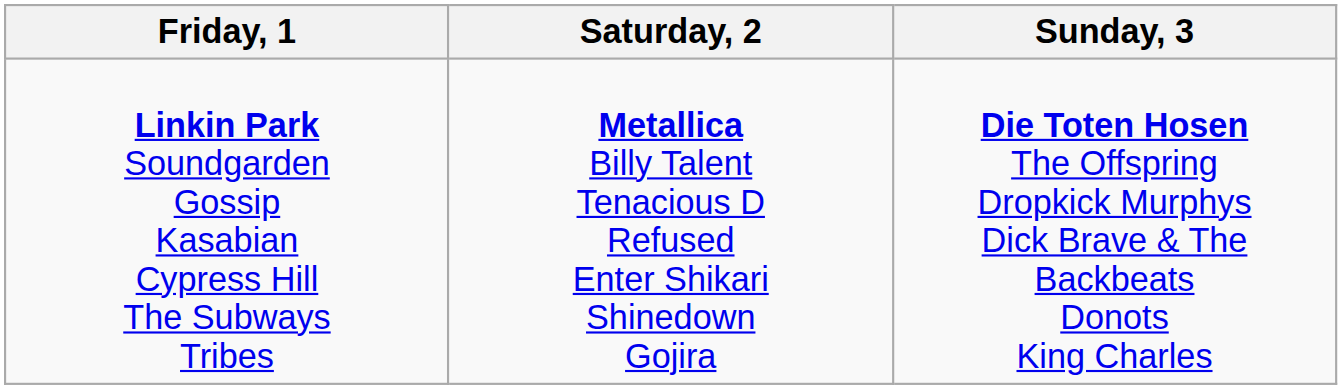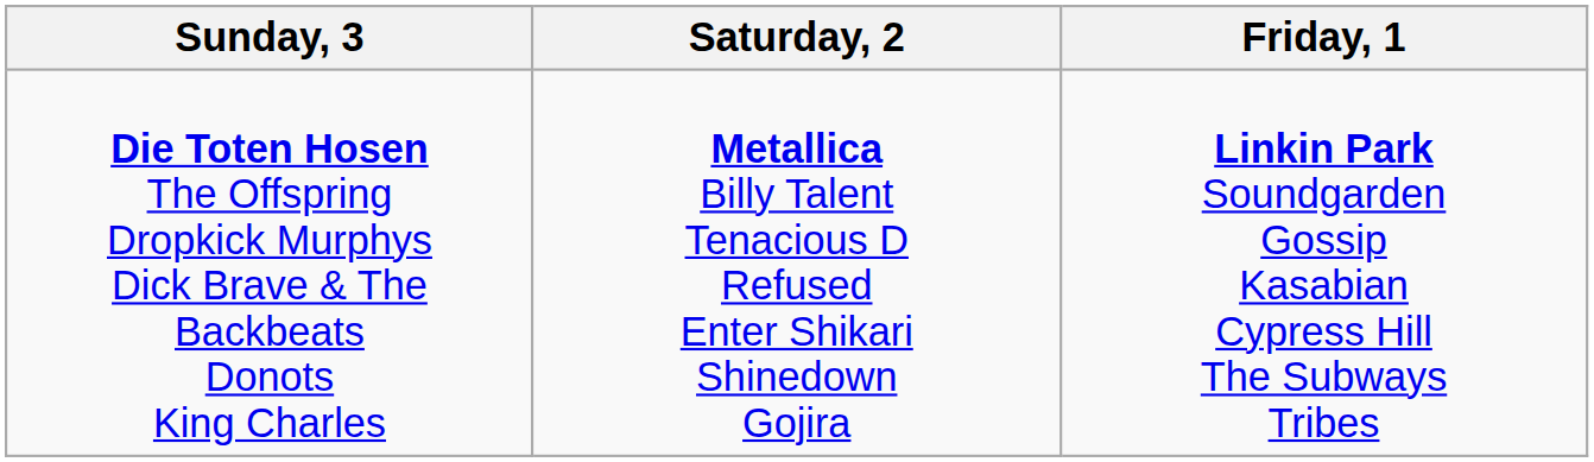 <table class="wikitable">
 <tr>
+<th>Sunday, 3</th>
+<th>Saturday, 2</th>
 <th>Friday, 1</th>
-<th>Saturday, 2</th>
-<th>Sunday, 3</th>
 </tr>
 <tr>
+<td style="text-align:center; vertical-align:top; width:200px;"><br><strong><a href='#'>Die Toten Hosen</a></strong><br> <a href='#'>The Offspring</a><br> <a href='#'>Dropkick Murphys</a><br> <a href='#'>Dick Brave & The Backbeats</a><br> <a href='#'>Donots</a><br> <a href='#'>King Charles</a><br></td>
+<td style="text-align:center; vertical-align:top; width:200px;"><br><strong><a href='#'>Metallica</a></strong><br> <a href='#'>Billy Talent</a><br> <a href='#'>Tenacious D</a><br> <a href='#'>Refused</a><br> <a href='#'>Enter Shikari</a><br> <a href='#'>Shinedown</a> <br> <a href='#'>Gojira</a><br></td>
 <td style="text-align:center; vertical-align:top; width:200px;"><br><strong><a href='#'>Linkin Park</a></strong><br> <a href='#'>Soundgarden</a> <br> <a href='#'>Gossip</a> <br> <a href='#'>Kasabian</a> <br> <a href='#'>Cypress Hill</a> <br> <a href='#'>The Subways</a> <br> <a href='#'>Tribes</a> <br></td>
-<td style="text-align:center; vertical-align:top; width:200px;"><br><strong><a href='#'>Metallica</a></strong><br> <a href='#'>Billy Talent</a><br> <a href='#'>Tenacious D</a><br> <a href='#'>Refused</a><br> <a href='#'>Enter Shikari</a><br> <a href='#'>Shinedown</a> <br> <a href='#'>Gojira</a><br></td>
-<td style="text-align:center; vertical-align:top; width:200px;"><br><strong><a href='#'>Die Toten Hosen</a></strong><br> <a href='#'>The Offspring</a><br> <a href='#'>Dropkick Murphys</a><br> <a href='#'>Dick Brave & The Backbeats</a><br> <a href='#'>Donots</a><br> <a href='#'>King Charles</a><br></td>
 </tr>
 </table>
